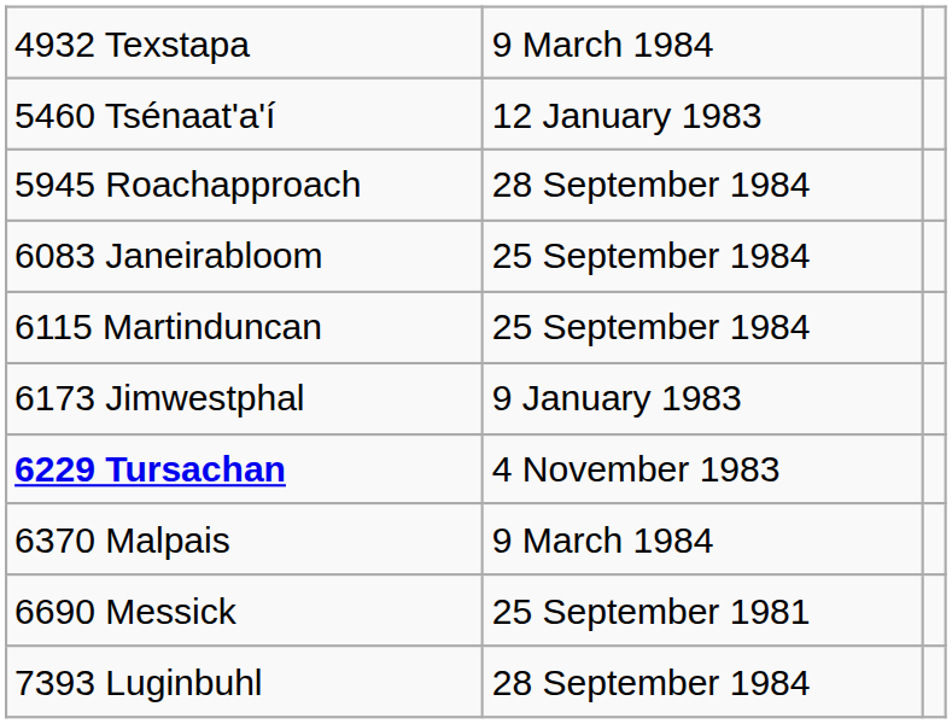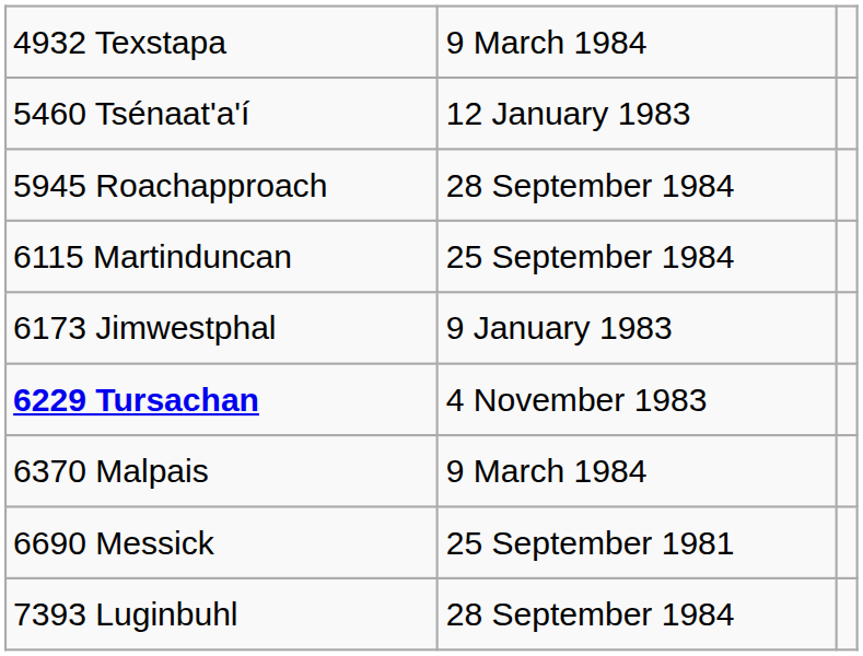 <table class="wikitable" style="font-size: 89%; float: left; width: 26em; margin-right: 1em; height: 280px;">
 <tr>
 <td>4932 Texstapa</td>
 <td>9 March 1984</td>
 <td></td>
 </tr>
 <tr>
 <td>5460 Tsénaat'a'í</td>
 <td>12 January 1983</td>
 <td></td>
 </tr>
 <tr>
 <td>5945 Roachapproach</td>
 <td>28 September 1984</td>
-<td></td>
-</tr>
-<tr>
-<td>6083 Janeirabloom</td>
-<td>25 September 1984</td>
 <td></td>
 </tr>
 <tr>
 <td>6115 Martinduncan</td>
 <td>25 September 1984</td>
 <td></td>
 </tr>
 <tr>
 <td>6173 Jimwestphal</td>
 <td>9 January 1983</td>
 <td></td>
 </tr>
 <tr>
 <td><strong><a href='#'>6229 Tursachan</a></strong></td>
 <td>4 November 1983</td>
 <td></td>
 </tr>
 <tr>
 <td>6370 Malpais</td>
 <td>9 March 1984</td>
 <td></td>
 </tr>
 <tr>
 <td>6690 Messick</td>
 <td>25 September 1981</td>
 <td></td>
 </tr>
 <tr>
 <td>7393 Luginbuhl</td>
 <td>28 September 1984</td>
 <td></td>
 </tr>
 </table>
